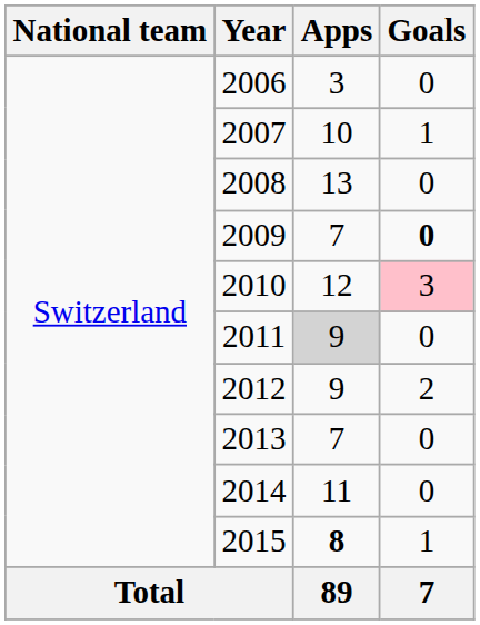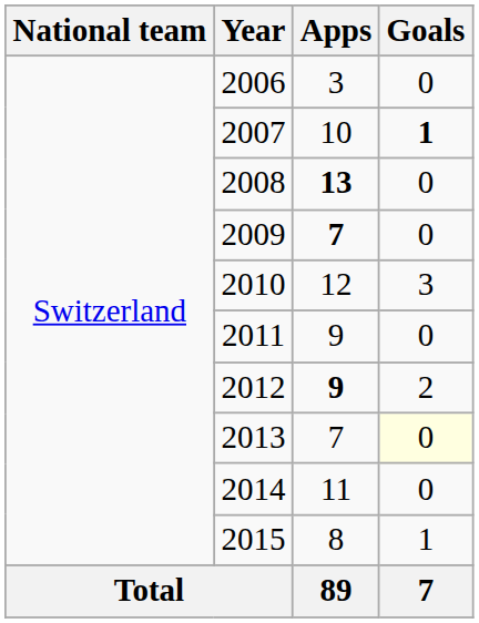 <table class="wikitable" style="text-align:center">
 <tr>
 <th>National team</th>
 <th>Year</th>
 <th>Apps</th>
 <th>Goals</th>
 </tr>
 <tr>
 <td rowspan="10"><a href='#'>Switzerland</a></td>
 <td>2006</td>
 <td>3</td>
 <td>0</td>
 </tr>
 <tr>
 <td>2007</td>
 <td>10</td>
-<td>1</td>
+<td><strong>1</strong></td>
 </tr>
 <tr>
 <td>2008</td>
-<td>13</td>
+<td><strong>13</strong></td>
 <td>0</td>
 </tr>
 <tr>
 <td>2009</td>
-<td>7</td>
-<td><strong>0</strong></td>
+<td><strong>7</strong></td>
+<td>0</td>
 </tr>
 <tr>
 <td>2010</td>
 <td>12</td>
-<td style="background: pink;">3</td>
+<td>3</td>
 </tr>
 <tr>
 <td>2011</td>
-<td style="background: lightgrey;">9</td>
+<td>9</td>
 <td>0</td>
 </tr>
 <tr>
 <td>2012</td>
-<td>9</td>
+<td><strong>9</strong></td>
 <td>2</td>
 </tr>
 <tr>
 <td>2013</td>
 <td>7</td>
-<td>0</td>
+<td style="background: lightyellow;">0</td>
 </tr>
 <tr>
 <td>2014</td>
 <td>11</td>
 <td>0</td>
 </tr>
 <tr>
 <td>2015</td>
-<td><strong>8</strong></td>
+<td>8</td>
 <td>1</td>
 </tr>
 <tr>
 <th colspan="2">Total</th>
 <th>89</th>
 <th>7</th>
 </tr>
 </table>
